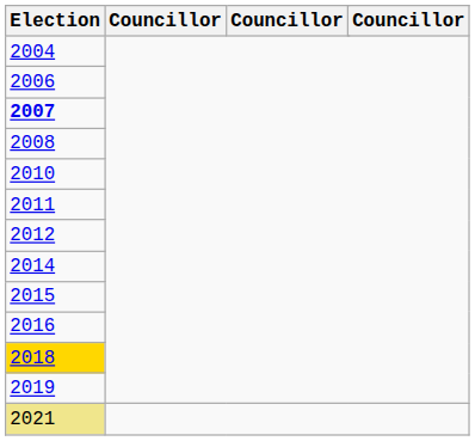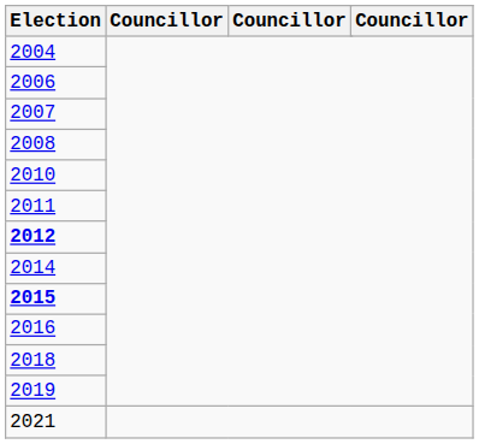 <table class="wikitable">
 <tr>
 <th>Election</th>
 <th colspan="2">Councillor</th>
 <th colspan="2">Councillor</th>
 <th colspan="2">Councillor</th>
 </tr>
 <tr>
 <td><a href='#'>2004</a><br>  </td>
 </tr>
 <tr>
 <td><a href='#'>2006</a><br>  </td>
 </tr>
 <tr>
-<td><strong><a href='#'>2007</a><br>  </strong></td>
+<td><a href='#'>2007</a><br>  </td>
 </tr>
 <tr>
 <td><a href='#'>2008</a><br>  </td>
 </tr>
 <tr>
 <td><a href='#'>2010</a><br>  </td>
 </tr>
 <tr>
 <td><a href='#'>2011</a><br>  </td>
 </tr>
 <tr>
-<td><a href='#'>2012</a><br>  </td>
+<td><strong><a href='#'>2012</a><br>  </strong></td>
 </tr>
 <tr>
 <td><a href='#'>2014</a><br>  </td>
 </tr>
 <tr>
-<td><a href='#'>2015</a><br>  </td>
+<td><strong><a href='#'>2015</a><br>  </strong></td>
 </tr>
 <tr>
 <td><a href='#'>2016</a><br>  </td>
 </tr>
 <tr>
-<td style="background: gold;"><a href='#'>2018</a><br>  </td>
+<td><a href='#'>2018</a><br>  </td>
 </tr>
 <tr>
 <td><a href='#'>2019</a><br>  </td>
 </tr>
 <tr>
-<td style="background: khaki;">2021</td>
+<td>2021</td>
 <td colspan=6></td>
 </tr>
 </table>
